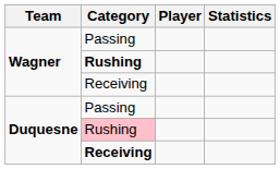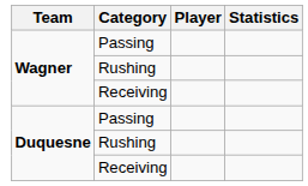 <table class="wikitable" style="float: right;">
 <tr>
 <th>Team</th>
 <th>Category</th>
 <th>Player</th>
 <th>Statistics</th>
 </tr>
 <tr>
 <td rowspan=3><strong>Wagner</strong></td>
 <td>Passing</td>
 <td></td>
 <td></td>
 </tr>
 <tr>
-<td><strong>Rushing</strong></td>
+<td>Rushing</td>
 <td></td>
 <td></td>
 </tr>
 <tr>
 <td>Receiving</td>
 <td></td>
 <td></td>
 </tr>
 <tr>
 <td rowspan=3><strong>Duquesne</strong></td>
 <td>Passing</td>
 <td></td>
 <td></td>
 </tr>
 <tr>
-<td style="background: pink;">Rushing</td>
+<td>Rushing</td>
 <td></td>
 <td></td>
 </tr>
 <tr>
-<td><strong>Receiving</strong></td>
+<td>Receiving</td>
 <td></td>
 <td></td>
 </tr>
 </table>
